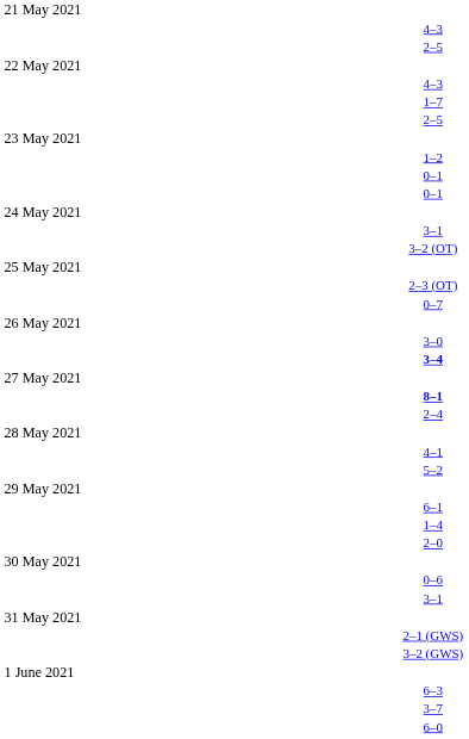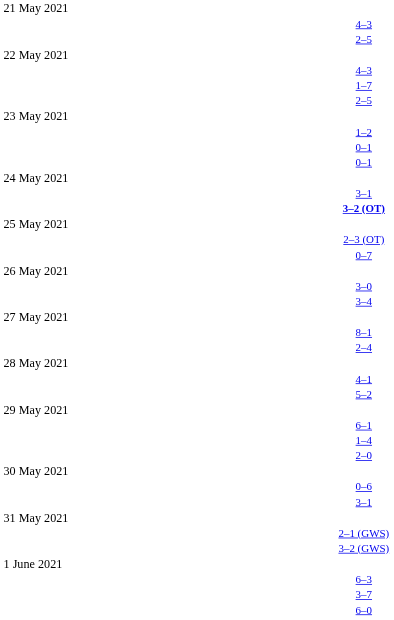 <table style="width:100%;" cellspacing="1">
 <tr>
 <th width=25%></th>
 <th width=2%></th>
 <th width=6%></th>
 <th width=2%></th>
 <th width=25%></th>
 </tr>
 <tr>
 <td>21 May 2021</td>
 </tr>
 <tr style=font-size:90%>
 <td align=right></td>
 <td></td>
 <td align=center><a href='#'>4–3</a></td>
 <td></td>
 <td></td>
 <td></td>
 </tr>
 <tr style=font-size:90%>
 <td align=right></td>
 <td></td>
 <td align=center><a href='#'>2–5</a></td>
 <td></td>
 <td></td>
 <td></td>
 </tr>
 <tr>
 <td>22 May 2021</td>
 </tr>
 <tr style=font-size:90%>
 <td align=right></td>
 <td></td>
 <td align=center><a href='#'>4–3</a></td>
 <td></td>
 <td></td>
 <td></td>
 </tr>
 <tr style=font-size:90%>
 <td align=right></td>
 <td></td>
 <td align=center><a href='#'>1–7</a></td>
 <td></td>
 <td></td>
 <td></td>
 </tr>
 <tr style=font-size:90%>
 <td align=right></td>
 <td></td>
 <td align=center><a href='#'>2–5</a></td>
 <td></td>
 <td></td>
 <td></td>
 </tr>
 <tr>
 <td>23 May 2021</td>
 </tr>
 <tr style=font-size:90%>
 <td align=right></td>
 <td></td>
 <td align=center><a href='#'>1–2</a></td>
 <td></td>
 <td></td>
 <td></td>
 </tr>
 <tr style=font-size:90%>
 <td align=right></td>
 <td></td>
 <td align=center><a href='#'>0–1</a></td>
 <td></td>
 <td></td>
 <td></td>
 </tr>
 <tr style=font-size:90%>
 <td align=right></td>
 <td></td>
 <td align=center><a href='#'>0–1</a></td>
 <td></td>
 <td></td>
 <td></td>
 </tr>
 <tr>
 <td>24 May 2021</td>
 </tr>
 <tr style=font-size:90%>
 <td align=right></td>
 <td></td>
 <td align=center><a href='#'>3–1</a></td>
 <td></td>
 <td></td>
 <td></td>
 </tr>
 <tr style=font-size:90%>
 <td align=right></td>
 <td></td>
-<td align=center><a href='#'>3–2 (OT)</a></td>
+<td align=center><strong><a href='#'>3–2 (OT)</a></strong></td>
 <td></td>
 <td></td>
 <td></td>
 </tr>
 <tr>
 <td>25 May 2021</td>
 </tr>
 <tr style=font-size:90%>
 <td align=right></td>
 <td></td>
 <td align=center><a href='#'>2–3 (OT)</a></td>
 <td></td>
 <td></td>
 <td></td>
 </tr>
 <tr style=font-size:90%>
 <td align=right></td>
 <td></td>
 <td align=center><a href='#'>0–7</a></td>
 <td></td>
 <td></td>
 <td></td>
 </tr>
 <tr>
 <td>26 May 2021</td>
 </tr>
 <tr style=font-size:90%>
 <td align=right></td>
 <td></td>
 <td align=center><a href='#'>3–0</a></td>
 <td></td>
 <td></td>
 <td></td>
 </tr>
 <tr style=font-size:90%>
 <td align=right></td>
 <td></td>
-<td align=center><strong><a href='#'>3–4</a></strong></td>
+<td align=center><a href='#'>3–4</a></td>
 <td></td>
 <td></td>
 <td></td>
 </tr>
 <tr>
 <td>27 May 2021</td>
 </tr>
 <tr style=font-size:90%>
 <td align=right></td>
 <td></td>
-<td align=center><strong><a href='#'>8–1</a></strong></td>
+<td align=center><a href='#'>8–1</a></td>
 <td></td>
 <td></td>
 <td></td>
 </tr>
 <tr style=font-size:90%>
 <td align=right></td>
 <td></td>
 <td align=center><a href='#'>2–4</a></td>
 <td></td>
 <td></td>
 <td></td>
 </tr>
 <tr>
 <td>28 May 2021</td>
 </tr>
 <tr style=font-size:90%>
 <td align=right></td>
 <td></td>
 <td align=center><a href='#'>4–1</a></td>
 <td></td>
 <td></td>
 <td></td>
 </tr>
 <tr style=font-size:90%>
 <td align=right></td>
 <td></td>
 <td align=center><a href='#'>5–2</a></td>
 <td></td>
 <td></td>
 <td></td>
 </tr>
 <tr>
 <td>29 May 2021</td>
 </tr>
 <tr style=font-size:90%>
 <td align=right></td>
 <td></td>
 <td align=center><a href='#'>6–1</a></td>
 <td></td>
 <td></td>
 <td></td>
 </tr>
 <tr style=font-size:90%>
 <td align=right></td>
 <td></td>
 <td align=center><a href='#'>1–4</a></td>
 <td></td>
 <td></td>
 <td></td>
 </tr>
 <tr style=font-size:90%>
 <td align=right></td>
 <td></td>
 <td align=center><a href='#'>2–0</a></td>
 <td></td>
 <td></td>
 <td></td>
 </tr>
 <tr>
 <td>30 May 2021</td>
 </tr>
 <tr style=font-size:90%>
 <td align=right></td>
 <td></td>
 <td align=center><a href='#'>0–6</a></td>
 <td></td>
 <td></td>
 <td></td>
 </tr>
 <tr style=font-size:90%>
 <td align=right></td>
 <td></td>
 <td align=center><a href='#'>3–1</a></td>
 <td></td>
 <td></td>
 <td></td>
 </tr>
 <tr>
 <td>31 May 2021</td>
 </tr>
 <tr style=font-size:90%>
 <td align=right></td>
 <td></td>
 <td align=center><a href='#'>2–1 (GWS)</a></td>
 <td></td>
 <td></td>
 <td></td>
 </tr>
 <tr style=font-size:90%>
 <td align=right></td>
 <td></td>
 <td align=center><a href='#'>3–2 (GWS)</a></td>
 <td></td>
 <td></td>
 <td></td>
 </tr>
 <tr>
 <td>1 June 2021</td>
 </tr>
 <tr style=font-size:90%>
 <td align=right></td>
 <td></td>
 <td align=center><a href='#'>6–3</a></td>
 <td></td>
 <td></td>
 <td></td>
 </tr>
 <tr style=font-size:90%>
 <td align=right></td>
 <td></td>
 <td align=center><a href='#'>3–7</a></td>
 <td></td>
 <td></td>
 <td></td>
 </tr>
 <tr style=font-size:90%>
 <td align=right></td>
 <td></td>
 <td align=center><a href='#'>6–0</a></td>
 <td></td>
 <td></td>
 <td></td>
 </tr>
 </table>
